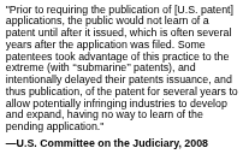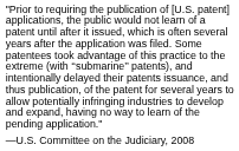 <table class="toccolours" style="float: right; margin-left: 1em; margin-right: 2em; font-size: 85%; width:40em; max-width: 35%;" cellspacing="5">
 <tr>
 <td style="text-align: left;">"Prior to requiring the publication of [U.S. patent] applications, the public would not learn of a patent until after it issued, which is often several years after the application was filed. Some patentees took advantage of this practice to the extreme (with ‘‘submarine’’ patents), and intentionally delayed their patents issuance, and thus publication, of the patent for several years to allow potentially infringing industries to develop and expand, having no way to learn of the pending application."</td>
 </tr>
 <tr>
-<td style="text-align: left;"><strong>—U.S. Committee on the Judiciary, 2008</strong></td>
+<td style="text-align: left;">—U.S. Committee on the Judiciary, 2008</td>
 </tr>
 </table>
